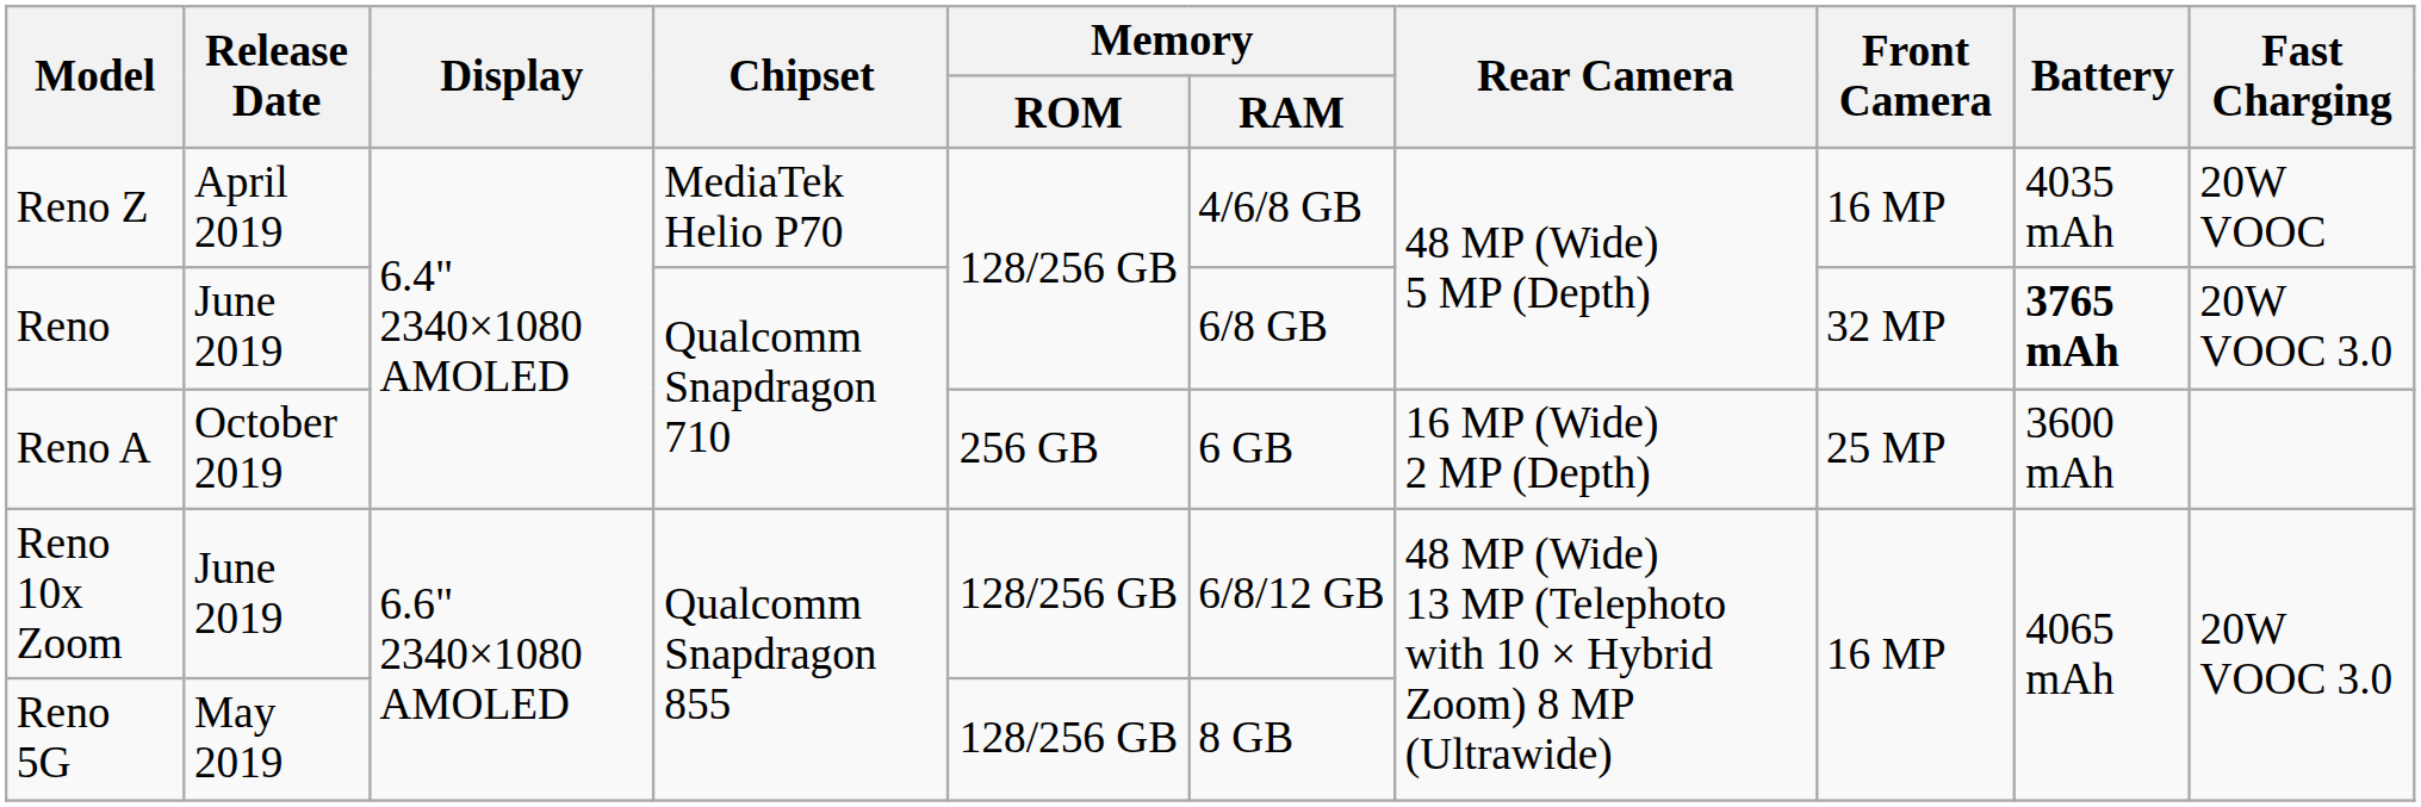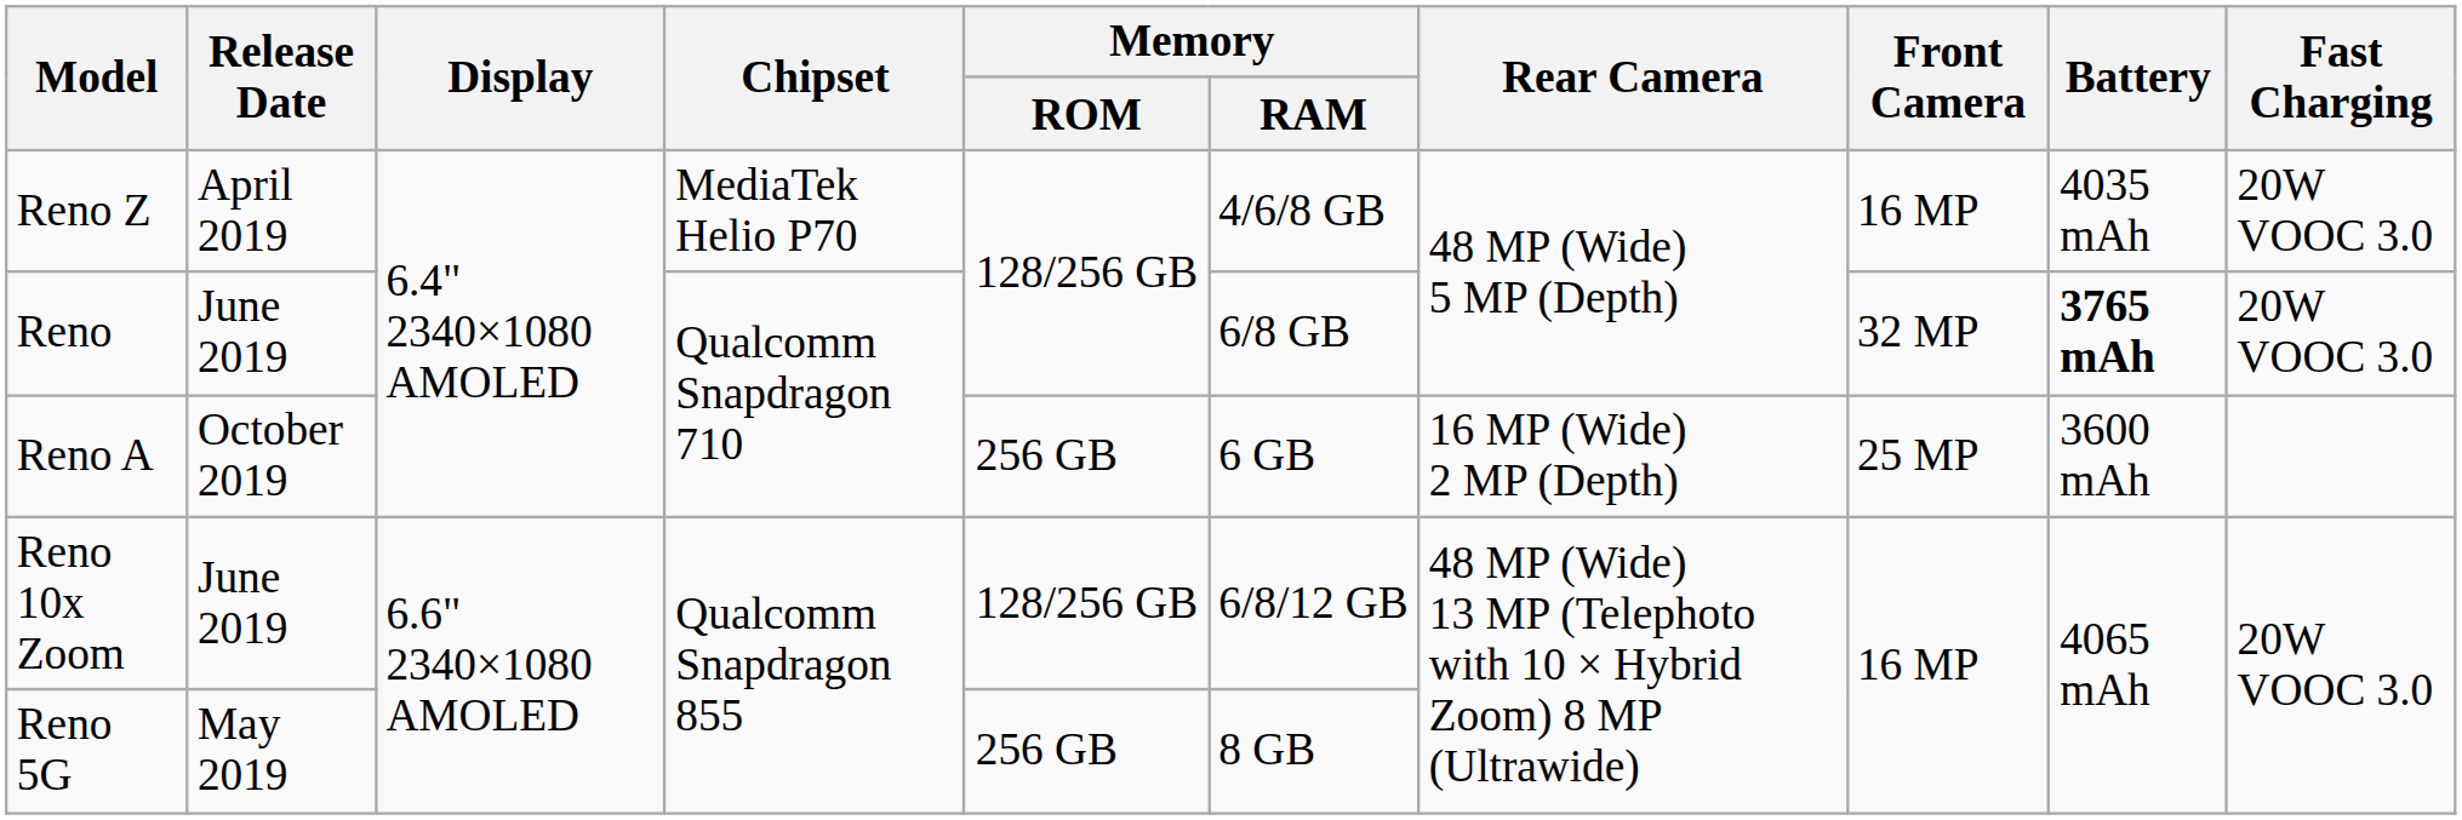 <table class="wikitable sortable">
 <tr>
 <th rowspan="2">Model</th>
 <th rowspan="2">Release Date</th>
 <th rowspan="2">Display</th>
 <th rowspan="2">Chipset</th>
 <th colspan="2">Memory</th>
 <th rowspan="2">Rear Camera</th>
 <th rowspan="2">Front Camera</th>
 <th rowspan="2">Battery</th>
 <th rowspan="2">Fast Charging</th>
 </tr>
 <tr>
 <th>ROM</th>
 <th>RAM</th>
 </tr>
 <tr>
 <td>Reno Z</td>
 <td>April 2019</td>
 <td rowspan="3">6.4" 2340×1080 AMOLED</td>
 <td>MediaTek Helio P70</td>
 <td rowspan="2">128/256 GB</td>
 <td>4/6/8 GB</td>
 <td rowspan="2">48 MP (Wide)<br>5 MP (Depth)</td>
 <td>16 MP</td>
 <td>4035 mAh</td>
-<td>20W VOOC</td>
+<td>20W VOOC 3.0</td>
 </tr>
 <tr>
 <td>Reno</td>
 <td>June 2019</td>
 <td rowspan="2">Qualcomm Snapdragon 710</td>
 <td>6/8 GB</td>
 <td>32 MP</td>
 <td><strong>3765 mAh</strong></td>
 <td>20W VOOC 3.0</td>
 </tr>
 <tr>
 <td>Reno A</td>
 <td>October 2019</td>
 <td>256 GB</td>
 <td>6 GB</td>
 <td>16 MP (Wide)<br>2 MP (Depth)</td>
 <td>25 MP</td>
 <td>3600 mAh</td>
 <td></td>
 </tr>
 <tr>
 <td>Reno 10x Zoom</td>
 <td>June 2019</td>
 <td rowspan="2">6.6" 2340×1080 AMOLED</td>
 <td rowspan="2">Qualcomm Snapdragon 855</td>
 <td>128/256 GB</td>
 <td>6/8/12 GB</td>
 <td rowspan="2">48 MP (Wide)<br>13 MP (Telephoto with 10 × Hybrid Zoom) 8 MP (Ultrawide)</td>
 <td rowspan="2">16 MP</td>
 <td rowspan="2">4065 mAh</td>
 <td rowspan="2">20W VOOC 3.0</td>
 </tr>
 <tr>
 <td>Reno 5G</td>
 <td>May 2019</td>
-<td>128/256 GB</td>
+<td>256 GB</td>
 <td>8 GB</td>
 </tr>
 </table>
